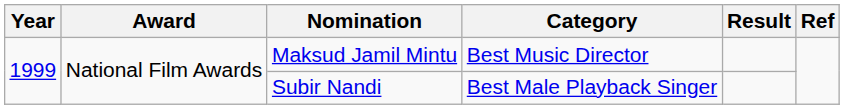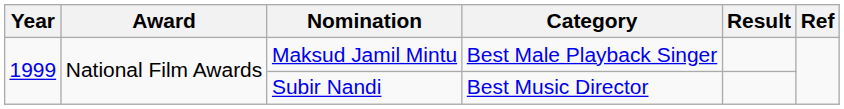 <table class="wikitable">
 <tr>
 <th>Year</th>
 <th>Award</th>
 <th>Nomination</th>
 <th>Category</th>
 <th>Result</th>
 <th>Ref</th>
 </tr>
 <tr>
 <td rowspan="2"><a href='#'>1999</a></td>
 <td rowspan="2">National Film Awards</td>
 <td><a href='#'>Maksud Jamil Mintu</a></td>
-<td><a href='#'>Best Music Director</a></td>
+<td><a href='#'>Best Male Playback Singer</a></td>
 <td></td>
 <td rowspan="2"></td>
 </tr>
 <tr>
 <td><a href='#'>Subir Nandi</a></td>
-<td><a href='#'>Best Male Playback Singer</a></td>
+<td><a href='#'>Best Music Director</a></td>
 <td></td>
 </tr>
 </table>
